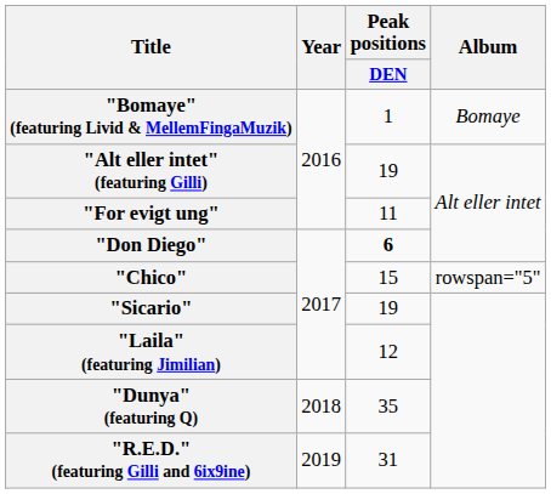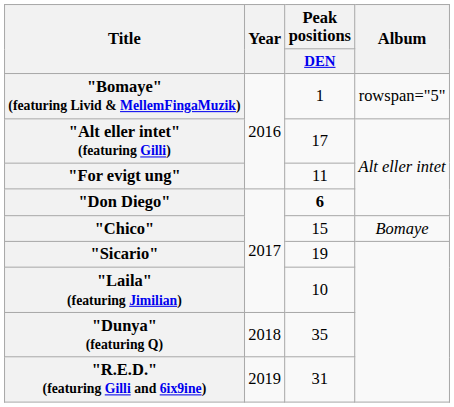 <table class="wikitable plainrowheaders" style="text-align:center">
 <tr>
 <th scope="col" rowspan="2">Title</th>
 <th scope="col" rowspan="2">Year</th>
 <th scope="col" colspan="1">Peak positions</th>
 <th scope="col" rowspan="2">Album</th>
 </tr>
 <tr>
 <th scope="col" style="width:3em;font-size:90%;"><a href='#'>DEN</a><br></th>
 </tr>
 <tr>
 <th scope="row">"Bomaye"<br><small>(featuring Livid & <a href='#'>MellemFingaMuzik</a>)</small></th>
 <td rowspan="3">2016</td>
 <td>1</td>
-<td><em>Bomaye</em></td>
+<td>rowspan="5" </td>
 </tr>
 <tr>
 <th scope="row">"Alt eller intet"<br><small>(featuring <a href='#'>Gilli</a>)</small></th>
-<td>19</td>
+<td>17</td>
 <td rowspan="3"><em>Alt eller intet</em></td>
 </tr>
 <tr>
 <th scope="row">"For evigt ung"</th>
 <td>11</td>
 </tr>
 <tr>
 <th scope="row">"Don Diego"</th>
 <td rowspan="4">2017</td>
 <td><strong>6</strong></td>
 </tr>
 <tr>
 <th scope="row">"Chico"</th>
 <td>15</td>
-<td>rowspan="5" </td>
+<td><em>Bomaye</em></td>
 </tr>
 <tr>
 <th scope="row">"Sicario"</th>
 <td>19</td>
 </tr>
 <tr>
 <th scope="row">"Laila"<br><small>(featuring <a href='#'>Jimilian</a>)</small></th>
-<td>12<br></td>
+<td>10<br></td>
 </tr>
 <tr>
 <th scope="row">"Dunya"<br><small>(featuring Q)</small></th>
 <td>2018</td>
 <td>35<br></td>
 </tr>
 <tr>
 <th scope="row">"R.E.D."<br><small>(featuring <a href='#'>Gilli</a> and <a href='#'>6ix9ine</a>)</small></th>
 <td>2019</td>
 <td>31<br></td>
 </tr>
 </table>
